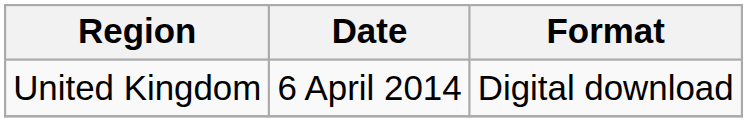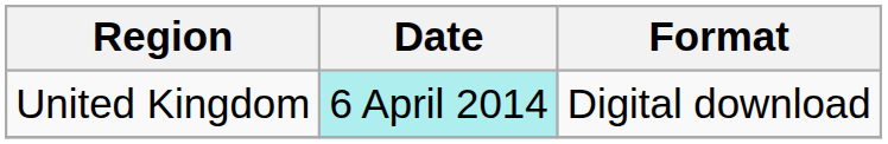 <table class=wikitable>
 <tr>
 <th>Region</th>
 <th>Date</th>
 <th>Format</th>
 </tr>
 <tr>
 <td>United Kingdom</td>
-<td>6 April 2014</td>
+<td style="background: paleturquoise;">6 April 2014</td>
 <td>Digital download</td>
 </tr>
 <tr>
 </tr>
 </table>
